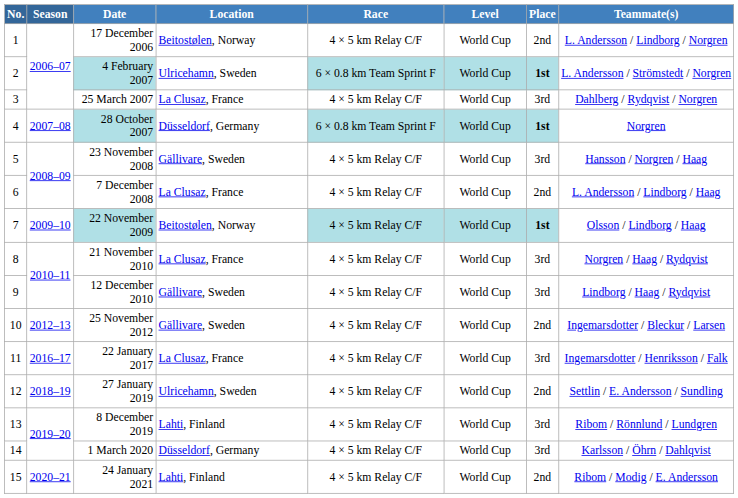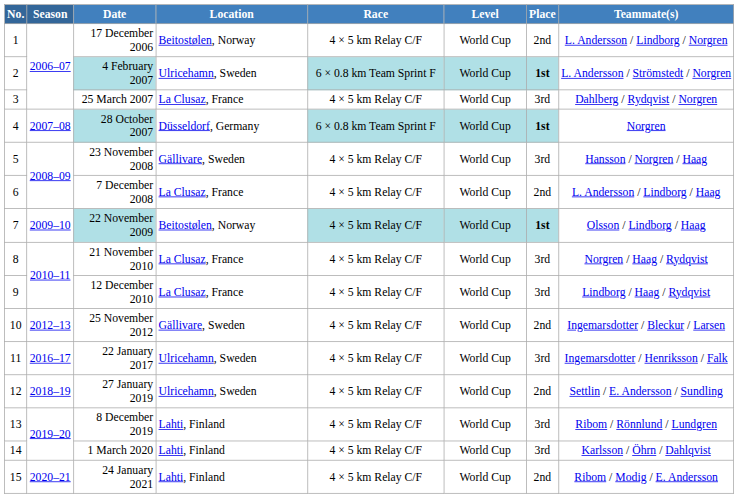 <table class="wikitable sortable" style="font-size:95%; text-align:center; border:grey solid 1px; border-collapse:collapse; background:#ffffff;">
 <tr style="background:#efefef;">
 <th style="background-color:#369; color:white;">No.</th>
 <th style="background-color:#369; color:white;">Season</th>
 <th style="background-color:#4180be; color:white; width:100px;">Date</th>
 <th style="background-color:#4180be; color:white; width:190px;">Location</th>
 <th style="background-color:#4180be; color:white; width:170px;">Race</th>
 <th style="background-color:#4180be; color:white; width:100px;">Level</th>
 <th style="background-color:#4180be; color:white;">Place</th>
 <th style="background-color:#4180be; color:white;">Teammate(s)</th>
 </tr>
 <tr>
 <td align=center>1</td>
 <td rowspan=3 align=center><a href='#'>2006–07</a></td>
 <td align=right>17 December 2006</td>
 <td align=left> <a href='#'>Beitostølen</a>, Norway</td>
 <td>4 × 5 km Relay C/F</td>
 <td> World Cup </td>
 <td>2nd</td>
 <td><a href='#'>L. Andersson</a> / <a href='#'>Lindborg</a> / <a href='#'>Norgren</a></td>
 </tr>
 <tr>
 <td align=center>2</td>
 <td bgcolor="#BOEOE6" align=right>4 February 2007</td>
 <td align=left> <a href='#'>Ulricehamn</a>, Sweden</td>
 <td bgcolor="#BOEOE6">6 × 0.8 km Team Sprint F</td>
 <td bgcolor="#BOEOE6">World Cup</td>
 <td bgcolor="#BOEOE6"><strong>1st</strong></td>
 <td><a href='#'>L. Andersson</a> / <a href='#'>Strömstedt</a> / <a href='#'>Norgren</a></td>
 </tr>
 <tr>
 <td align=center>3</td>
 <td align=right>25 March 2007</td>
 <td align=left> <a href='#'>La Clusaz</a>, France</td>
 <td>4 × 5 km Relay C/F</td>
 <td>World Cup</td>
 <td>3rd</td>
 <td><a href='#'>Dahlberg</a> / <a href='#'>Rydqvist</a> / <a href='#'>Norgren</a></td>
 </tr>
 <tr>
 <td align=center>4</td>
 <td rowspan=1 align=center><a href='#'>2007–08</a></td>
 <td bgcolor="#BOEOE6" align=right>28 October 2007</td>
 <td align=left> <a href='#'>Düsseldorf</a>, Germany</td>
 <td bgcolor="#BOEOE6">6 × 0.8 km Team Sprint F</td>
 <td bgcolor="#BOEOE6">World Cup</td>
 <td bgcolor="#BOEOE6"><strong>1st</strong></td>
 <td><a href='#'>Norgren</a></td>
 </tr>
 <tr>
 <td align=center>5</td>
 <td rowspan=2 align=center><a href='#'>2008–09</a></td>
 <td align=right>23 November 2008</td>
 <td align=left> <a href='#'>Gällivare</a>, Sweden</td>
 <td>4 × 5 km Relay C/F</td>
 <td>World Cup</td>
 <td>3rd</td>
 <td><a href='#'>Hansson</a> / <a href='#'>Norgren</a> / <a href='#'>Haag</a></td>
 </tr>
 <tr>
 <td align=center>6</td>
 <td align=right>7 December 2008</td>
 <td align=left> <a href='#'>La Clusaz</a>, France</td>
 <td>4 × 5 km Relay C/F</td>
 <td>World Cup</td>
 <td>2nd</td>
 <td><a href='#'>L. Andersson</a> / <a href='#'>Lindborg</a> / <a href='#'>Haag</a></td>
 </tr>
 <tr>
 <td align=center>7</td>
 <td rowspan=1 align=center><a href='#'>2009–10</a></td>
 <td bgcolor="#BOEOE6" align=right>22 November 2009</td>
 <td align=left> <a href='#'>Beitostølen</a>, Norway</td>
 <td bgcolor="#BOEOE6">4 × 5 km Relay C/F</td>
 <td bgcolor="#BOEOE6">World Cup</td>
 <td bgcolor="#BOEOE6"><strong>1st</strong></td>
 <td><a href='#'>Olsson</a> / <a href='#'>Lindborg</a> / <a href='#'>Haag</a></td>
 </tr>
 <tr>
 <td align=center>8</td>
 <td rowspan=2 align=center><a href='#'>2010–11</a></td>
 <td align=right>21 November 2010</td>
 <td align=left> <a href='#'>La Clusaz</a>, France</td>
 <td>4 × 5 km Relay C/F</td>
 <td>World Cup</td>
 <td>3rd</td>
 <td><a href='#'>Norgren</a> / <a href='#'>Haag</a> / <a href='#'>Rydqvist</a></td>
 </tr>
 <tr>
 <td align=center>9</td>
 <td align=right>12 December 2010</td>
-<td align=left> <a href='#'>Gällivare</a>, Sweden</td>
+<td align=left> <a href='#'>La Clusaz</a>, France</td>
 <td>4 × 5 km Relay C/F</td>
 <td>World Cup</td>
 <td>3rd</td>
 <td><a href='#'>Lindborg</a> / <a href='#'>Haag</a> / <a href='#'>Rydqvist</a></td>
 </tr>
 <tr>
 <td align=center>10</td>
 <td align=center><a href='#'>2012–13</a></td>
 <td align=right>25 November 2012</td>
 <td align=left> <a href='#'>Gällivare</a>, Sweden</td>
 <td>4 × 5 km Relay C/F</td>
 <td>World Cup</td>
 <td>2nd</td>
 <td><a href='#'>Ingemarsdotter</a> / <a href='#'>Bleckur</a> / <a href='#'>Larsen</a></td>
 </tr>
 <tr>
 <td align=center>11</td>
 <td align=center><a href='#'>2016–17</a></td>
 <td align=right>22 January 2017</td>
-<td align=left> <a href='#'>La Clusaz</a>, France</td>
+<td align=left> <a href='#'>Ulricehamn</a>, Sweden</td>
 <td>4 × 5 km Relay C/F</td>
 <td>World Cup</td>
 <td>3rd</td>
 <td> <a href='#'>Ingemarsdotter</a> / <a href='#'>Henriksson</a> / <a href='#'>Falk</a> </td>
 </tr>
 <tr>
 <td align=center>12</td>
 <td align=center><a href='#'>2018–19</a></td>
 <td align=right>27 January 2019</td>
 <td align=left> <a href='#'>Ulricehamn</a>, Sweden</td>
 <td>4 × 5 km Relay C/F</td>
 <td>World Cup</td>
 <td>2nd</td>
 <td><a href='#'>Settlin</a> / <a href='#'>E. Andersson</a> / <a href='#'>Sundling</a></td>
 </tr>
 <tr>
 <td align=center>13</td>
 <td rowspan=2 align=center><a href='#'>2019–20</a></td>
 <td align=right>8 December 2019</td>
 <td align=left> <a href='#'>Lahti</a>, Finland</td>
 <td>4 × 5 km Relay C/F</td>
 <td>World Cup</td>
 <td>3rd</td>
 <td><a href='#'>Ribom</a> / <a href='#'>Rönnlund</a> / <a href='#'>Lundgren</a></td>
 </tr>
 <tr>
 <td align=center>14</td>
 <td align=right>1 March 2020</td>
-<td align=left> <a href='#'>Düsseldorf</a>, Germany</td>
+<td align=left> <a href='#'>Lahti</a>, Finland</td>
 <td>4 × 5 km Relay C/F</td>
 <td>World Cup</td>
 <td>3rd</td>
 <td><a href='#'>Karlsson</a> / <a href='#'>Öhrn</a> / <a href='#'>Dahlqvist</a></td>
 </tr>
 <tr>
 <td align=center>15</td>
 <td rowspan=1 align=center><a href='#'>2020–21</a></td>
 <td align=right>24 January 2021</td>
 <td align=left> <a href='#'>Lahti</a>, Finland</td>
 <td>4 × 5 km Relay C/F</td>
 <td>World Cup</td>
 <td>2nd</td>
 <td><a href='#'>Ribom</a> / <a href='#'>Modig</a> / <a href='#'>E. Andersson</a></td>
 </tr>
 </table>
